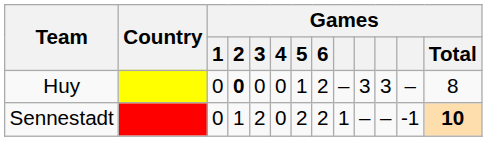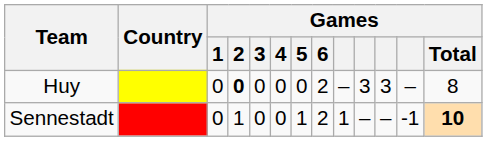 <table class="wikitable plainrowheaders" style="text-align:center;">
 <tr>
 <th rowspan=2>Team</th>
 <th rowspan=2>Country</th>
 <th colspan=11>Games</th>
 </tr>
 <tr>
 <th>1</th>
 <th>2</th>
 <th>3</th>
 <th>4</th>
 <th>5</th>
 <th>6</th>
 <th></th>
 <th></th>
 <th></th>
 <th></th>
 <th>Total</th>
 </tr>
 <tr>
 <td>Huy</td>
 <td style="background:yellow"></td>
 <td>0</td>
 <td><strong>0</strong></td>
 <td>0</td>
 <td>0</td>
-<td>1</td>
+<td>0</td>
 <td>2</td>
 <td>–</td>
 <td>3</td>
 <td>3</td>
 <td>–</td>
 <td>8</td>
 </tr>
 <tr>
 <td>Sennestadt</td>
 <td style="background:red"></td>
 <td>0</td>
 <td>1</td>
-<td>2</td>
 <td>0</td>
-<td>2</td>
+<td>0</td>
+<td>1</td>
 <td>2</td>
 <td>1</td>
 <td>–</td>
 <td>–</td>
 <td>-1</td>
 <td style="font-weight:bold; background:NavajoWhite;">10</td>
 </tr>
 </table>
